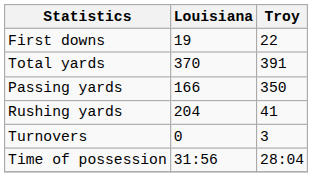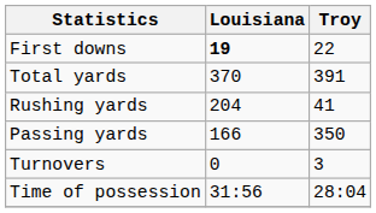 <table class="wikitable">
 <tr>
 <th>Statistics</th>
 <th>Louisiana</th>
 <th>Troy</th>
 </tr>
 <tr>
 <td>First downs</td>
-<td>19</td>
+<td><strong>19</strong></td>
 <td>22</td>
 </tr>
 <tr>
 <td>Total yards</td>
 <td>370</td>
 <td>391</td>
 </tr>
 <tr>
+<td>Rushing yards</td>
+<td>204</td>
+<td>41</td>
+</tr>
+<tr>
 <td>Passing yards</td>
 <td>166</td>
 <td>350</td>
-</tr>
-<tr>
-<td>Rushing yards</td>
-<td>204</td>
-<td>41</td>
 </tr>
 <tr>
 <td>Turnovers</td>
 <td>0</td>
 <td>3</td>
 </tr>
 <tr>
 <td>Time of possession</td>
 <td>31:56</td>
 <td>28:04</td>
 </tr>
 <tr>
 </tr>
 </table>
